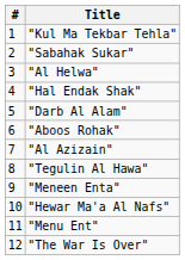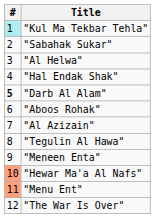 <table class="wikitable">
 <tr>
 <th align="center">#</th>
 <th align="center">Title</th>
 </tr>
 <tr>
-<td>1</td>
+<td style="background: paleturquoise;">1</td>
 <td>"Kul Ma Tekbar Tehla"</td>
 </tr>
 <tr>
 <td>2</td>
 <td>"Sabahak Sukar"</td>
 </tr>
 <tr>
 <td>3</td>
 <td>"Al Helwa"</td>
 </tr>
 <tr>
 <td>4</td>
 <td>"Hal Endak Shak"</td>
 </tr>
 <tr>
-<td>5</td>
+<td><strong>5</strong></td>
 <td>"Darb Al Alam"</td>
 </tr>
 <tr>
 <td>6</td>
 <td>"Aboos Rohak"</td>
 </tr>
 <tr>
 <td>7</td>
 <td>"Al Azizain"</td>
 </tr>
 <tr>
 <td>8</td>
 <td>"Tegulin Al Hawa"</td>
 </tr>
 <tr>
 <td>9</td>
 <td>"Meneen Enta"</td>
 </tr>
 <tr>
-<td>10</td>
+<td style="background: lightsalmon;">10</td>
 <td>"Hewar Ma'a Al Nafs"</td>
 </tr>
 <tr>
-<td>11</td>
+<td style="background: lightsalmon;">11</td>
 <td>"Menu Ent"</td>
 </tr>
 <tr>
 <td>12</td>
 <td>"The War Is Over"</td>
 </tr>
 </table>
